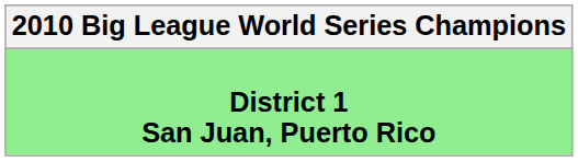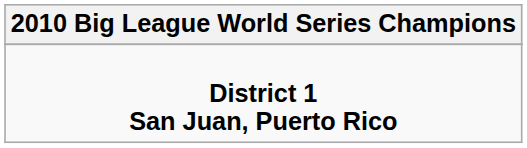 <table class="wikitable" style="text-align: center; margin: 0 auto;">
 <tr>
 <th>2010 Big League World Series Champions</th>
 </tr>
 <tr>
 </tr>
 <tr>
-<td style="background: lightgreen;"><br><strong>District 1</strong><br> <strong>San Juan, Puerto Rico</strong></td>
+<td><br><strong>District 1</strong><br> <strong>San Juan, Puerto Rico</strong></td>
 </tr>
 </table>
